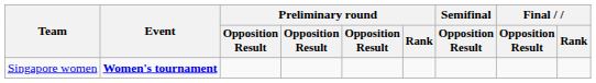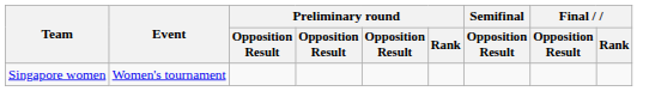 <table class=wikitable style=font-size:90%>
 <tr>
 <th rowspan=2>Team</th>
 <th rowspan=2>Event</th>
 <th colspan=4>Preliminary round</th>
 <th>Semifinal</th>
 <th colspan=2>Final /  / </th>
 </tr>
 <tr style=font-size:95%>
 <th>Opposition<br>Result</th>
 <th>Opposition<br>Result</th>
 <th>Opposition<br>Result</th>
 <th>Rank</th>
 <th>Opposition<br>Result</th>
 <th>Opposition<br>Result</th>
 <th>Rank</th>
 </tr>
 <tr align=center>
 <td align=left><a href='#'>Singapore women</a></td>
-<td align=left><strong><a href='#'>Women's tournament</a></strong></td>
+<td align=left><a href='#'>Women's tournament</a></td>
 <td></td>
 <td></td>
 <td></td>
 <td></td>
 <td></td>
 <td></td>
 <td></td>
 </tr>
 </table>
